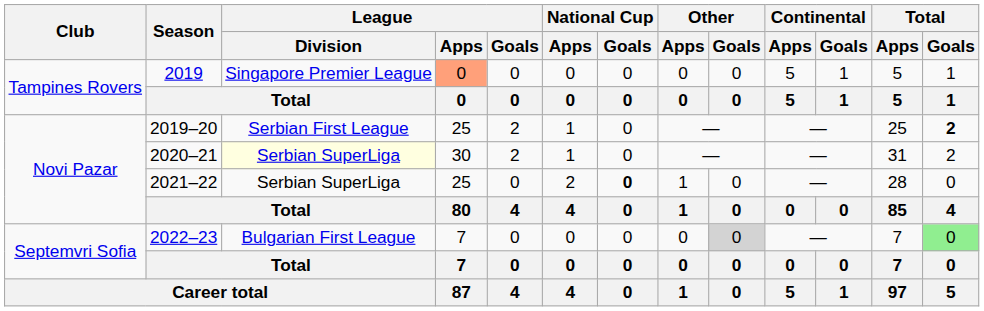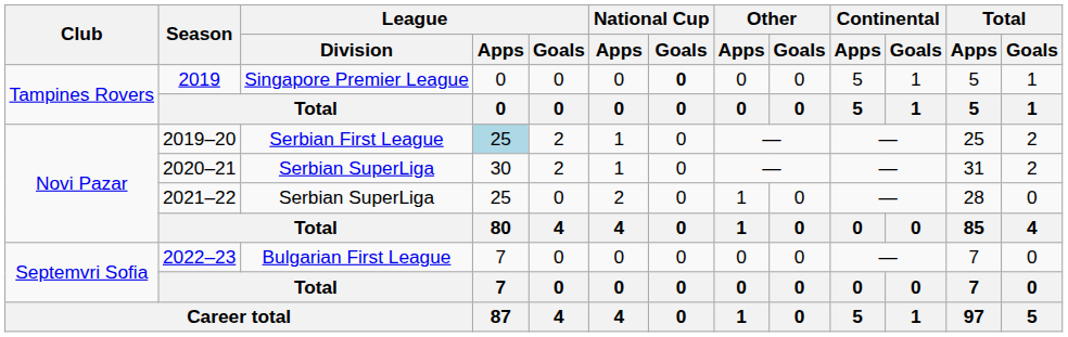 <table class="wikitable" style="text-align:center">
 <tr>
 <th rowspan="2">Club</th>
 <th rowspan="2">Season</th>
 <th colspan="3">League</th>
 <th colspan="2">National Cup</th>
 <th colspan="2">Other</th>
 <th colspan="2">Continental</th>
 <th colspan="2">Total</th>
 </tr>
 <tr>
 <th>Division</th>
 <th>Apps</th>
 <th>Goals</th>
 <th>Apps</th>
 <th>Goals</th>
 <th>Apps</th>
 <th>Goals</th>
 <th>Apps</th>
 <th>Goals</th>
 <th>Apps</th>
 <th>Goals</th>
 </tr>
 <tr>
 <td rowspan="2"><a href='#'>Tampines Rovers</a></td>
 <td><a href='#'>2019</a></td>
 <td><a href='#'>Singapore Premier League</a></td>
-<td style="background: lightsalmon;">0</td>
 <td>0</td>
 <td>0</td>
 <td>0</td>
+<td><strong>0</strong></td>
 <td>0</td>
 <td>0</td>
 <td>5</td>
 <td>1</td>
 <td>5</td>
 <td>1</td>
 </tr>
 <tr>
 <th colspan=2>Total</th>
 <th>0</th>
 <th>0</th>
 <th>0</th>
 <th>0</th>
 <th>0</th>
 <th>0</th>
 <th>5</th>
 <th>1</th>
 <th>5</th>
 <th>1</th>
 </tr>
 <tr>
 <td rowspan="4"><a href='#'>Novi Pazar</a></td>
 <td>2019–20</td>
 <td><a href='#'>Serbian First League</a></td>
-<td>25</td>
+<td style="background: lightblue;">25</td>
 <td>2</td>
 <td>1</td>
 <td>0</td>
 <td colspan="2">—</td>
 <td colspan="2">—</td>
 <td>25</td>
-<td><strong>2</strong></td>
+<td>2</td>
 </tr>
 <tr>
 <td>2020–21</td>
-<td style="background: lightyellow;"><a href='#'>Serbian SuperLiga</a></td>
+<td><a href='#'>Serbian SuperLiga</a></td>
 <td>30</td>
 <td>2</td>
 <td>1</td>
 <td>0</td>
 <td colspan="2">—</td>
 <td colspan="2">—</td>
 <td>31</td>
 <td>2</td>
 </tr>
 <tr>
 <td>2021–22</td>
 <td>Serbian SuperLiga</td>
 <td>25</td>
 <td>0</td>
 <td>2</td>
-<td><strong>0</strong></td>
+<td>0</td>
 <td>1</td>
 <td>0</td>
 <td colspan="2">—</td>
 <td>28</td>
 <td>0</td>
 </tr>
 <tr>
 <th colspan=2>Total</th>
 <th>80</th>
 <th>4</th>
 <th>4</th>
 <th>0</th>
 <th>1</th>
 <th>0</th>
 <th>0</th>
 <th>0</th>
 <th>85</th>
 <th>4</th>
 </tr>
 <tr>
 <td rowspan="2"><a href='#'>Septemvri Sofia</a></td>
 <td><a href='#'>2022–23</a></td>
 <td><a href='#'>Bulgarian First League</a></td>
 <td>7</td>
 <td>0</td>
 <td>0</td>
 <td>0</td>
 <td>0</td>
-<td style="background: lightgrey;">0</td>
+<td>0</td>
 <td colspan="2">—</td>
 <td>7</td>
-<td style="background: lightgreen;">0</td>
+<td>0</td>
 </tr>
 <tr>
 <th colspan=2>Total</th>
 <th>7</th>
 <th>0</th>
 <th>0</th>
 <th>0</th>
 <th>0</th>
 <th>0</th>
 <th>0</th>
 <th>0</th>
 <th>7</th>
 <th>0</th>
 </tr>
 <tr>
 <th colspan=3>Career total</th>
 <th>87</th>
 <th>4</th>
 <th>4</th>
 <th>0</th>
 <th>1</th>
 <th>0</th>
 <th>5</th>
 <th>1</th>
 <th>97</th>
 <th>5</th>
 </tr>
 </table>
